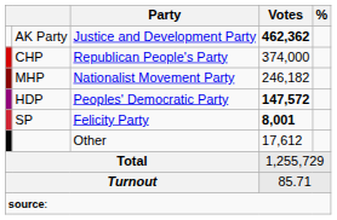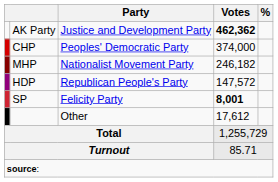 <table class="wikitable">
 <tr>
 <th colspan="2" align="center"></th>
 <th align="center">Party</th>
 <th align="center">Votes</th>
 <th align="center">%</th>
 </tr>
 <tr align="left">
 <td></td>
 <td>AK Party</td>
 <td><a href='#'>Justice and Development Party</a></td>
 <td><strong>462,362</strong></td>
 <td><strong></strong></td>
 </tr>
 <tr align="left">
 <td bgcolor="#d50000" width="1"></td>
 <td>CHP</td>
-<td><a href='#'>Republican People's Party</a></td>
+<td><a href='#'>Peoples' Democratic Party</a></td>
 <td>374,000</td>
 <td></td>
 </tr>
 <tr align="left">
 <td bgcolor="#870000" width="1"></td>
 <td>MHP</td>
 <td><a href='#'>Nationalist Movement Party</a></td>
 <td>246,182</td>
 <td></td>
 </tr>
 <tr align="left">
 <td bgcolor="#91007B" width="1"></td>
 <td>HDP</td>
-<td><a href='#'>Peoples' Democratic Party</a></td>
-<td><strong>147,572</strong></td>
+<td><a href='#'>Republican People's Party</a></td>
+<td>147,572</td>
 <td></td>
 </tr>
 <tr align="left">
 <td bgcolor="#D02433" width="1"></td>
 <td>SP</td>
 <td><a href='#'>Felicity Party</a></td>
 <td><strong>8,001</strong></td>
 <td></td>
 </tr>
 <tr align="left">
 <td bgcolor=" " width="1"></td>
 <td></td>
 <td>Other</td>
 <td>17,612</td>
 <td></td>
 </tr>
 <tr align="left" style="background-color:#E9E9E9">
 <th colspan="3" align="center"><strong>Total</strong></th>
 <td colspan="5" align="center">1,255,729</td>
 </tr>
 <tr align="left" style="background-color:#E9E9E9">
 <th colspan="3" align="center"><em>Turnout</em></th>
 <td colspan="5" align="center">85.71</td>
 </tr>
 <tr>
 <td colspan="9" align="left"><small><strong>source</strong>: </small></td>
 </tr>
 </table>
